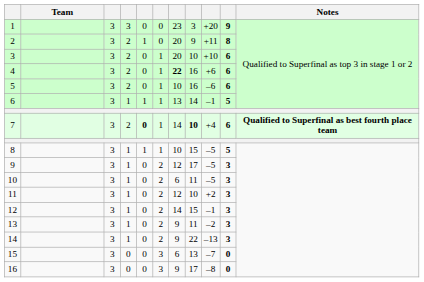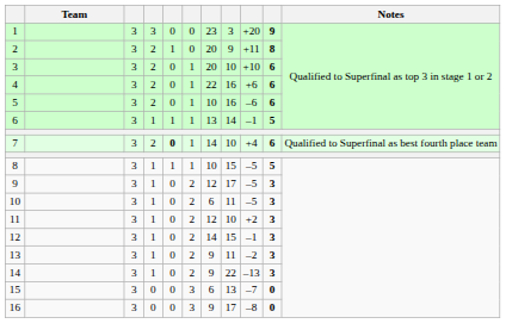 <table class="wikitable" style="text-align: center; font-size: 87%;">
 <tr>
 <th width="18"></th>
 <th width="120">Team</th>
 <th width="18"></th>
 <th width="18"></th>
 <th width="18"></th>
 <th width="18"></th>
 <th width="18"></th>
 <th width="18"></th>
 <th width="18"></th>
 <th width="18"></th>
 <th width="270">Notes</th>
 </tr>
 <tr bgcolor="#ccffcc">
 <td>1</td>
 <td align=left></td>
 <td>3</td>
 <td>3</td>
 <td>0</td>
 <td>0</td>
 <td>23</td>
 <td>3</td>
 <td>+20</td>
 <td><strong>9</strong></td>
 <td rowspan=6>Qualified to Superfinal as top 3 in stage 1 or 2</td>
 </tr>
 <tr bgcolor="#ccffcc">
 <td>2</td>
 <td align=left></td>
 <td>3</td>
 <td>2</td>
 <td>1</td>
 <td>0</td>
 <td>20</td>
 <td>9</td>
 <td>+11</td>
 <td><strong>8</strong></td>
 </tr>
 <tr bgcolor="#ccffcc">
 <td>3</td>
 <td align=left></td>
 <td>3</td>
 <td>2</td>
 <td>0</td>
 <td>1</td>
 <td>20</td>
 <td>10</td>
 <td>+10</td>
 <td><strong>6</strong></td>
 </tr>
 <tr bgcolor="#ccffcc">
 <td>4</td>
 <td align=left></td>
 <td>3</td>
 <td>2</td>
 <td>0</td>
 <td>1</td>
-<td><strong>22</strong></td>
+<td>22</td>
 <td>16</td>
 <td>+6</td>
 <td><strong>6</strong></td>
 </tr>
 <tr bgcolor="#ccffcc">
 <td>5</td>
 <td align=left></td>
 <td>3</td>
 <td>2</td>
 <td>0</td>
 <td>1</td>
 <td>10</td>
 <td>16</td>
 <td>–6</td>
 <td><strong>6</strong></td>
 </tr>
 <tr bgcolor="#ccffcc">
 <td>6</td>
 <td align=left></td>
 <td>3</td>
 <td>1</td>
 <td>1</td>
 <td>1</td>
 <td>13</td>
 <td>14</td>
 <td>–1</td>
 <td><strong>5</strong></td>
 </tr>
 <tr>
 <th colspan=11></th>
 </tr>
 <tr style="background-color:  #e1ffe3;">
 <td>7</td>
 <td align=left></td>
 <td>3</td>
 <td>2</td>
 <td><strong>0</strong></td>
 <td>1</td>
 <td>14</td>
-<td><strong>10</strong></td>
+<td>10</td>
 <td>+4</td>
 <td><strong>6</strong></td>
-<td><strong>Qualified to Superfinal as best fourth place team</strong></td>
+<td>Qualified to Superfinal as best fourth place team</td>
 </tr>
 <tr>
 <th colspan=11></th>
 </tr>
 <tr>
 <td>8</td>
 <td align=left></td>
 <td>3</td>
 <td>1</td>
 <td>1</td>
 <td>1</td>
 <td>10</td>
 <td>15</td>
 <td>–5</td>
 <td><strong>5</strong></td>
 <td rowspan=9></td>
 </tr>
 <tr>
 <td>9</td>
 <td align=left></td>
 <td>3</td>
 <td>1</td>
 <td>0</td>
 <td>2</td>
 <td>12</td>
 <td>17</td>
 <td>–5</td>
 <td><strong>3</strong></td>
 </tr>
 <tr>
 <td>10</td>
 <td align=left></td>
 <td>3</td>
 <td>1</td>
 <td>0</td>
 <td>2</td>
 <td>6</td>
 <td>11</td>
 <td>–5</td>
 <td><strong>3</strong></td>
 </tr>
 <tr>
 <td>11</td>
 <td align=left></td>
 <td>3</td>
 <td>1</td>
 <td>0</td>
 <td>2</td>
 <td>12</td>
 <td>10</td>
 <td>+2</td>
 <td><strong>3</strong></td>
 </tr>
 <tr>
 <td>12</td>
 <td align=left></td>
 <td>3</td>
 <td>1</td>
 <td>0</td>
 <td>2</td>
 <td>14</td>
 <td>15</td>
 <td>–1</td>
 <td><strong>3</strong></td>
 </tr>
 <tr>
 <td>13</td>
 <td align=left></td>
 <td>3</td>
 <td>1</td>
 <td>0</td>
 <td>2</td>
 <td>9</td>
 <td>11</td>
 <td>–2</td>
 <td><strong>3</strong></td>
 </tr>
 <tr>
 <td>14</td>
 <td align=left></td>
 <td>3</td>
 <td>1</td>
 <td>0</td>
 <td>2</td>
 <td>9</td>
 <td>22</td>
 <td>–13</td>
 <td><strong>3</strong></td>
 </tr>
 <tr>
 <td>15</td>
 <td align=left></td>
 <td>3</td>
 <td>0</td>
 <td>0</td>
 <td>3</td>
 <td>6</td>
 <td>13</td>
 <td>–7</td>
 <td><strong>0</strong></td>
 </tr>
 <tr>
 <td>16</td>
 <td align=left></td>
 <td>3</td>
 <td>0</td>
 <td>0</td>
 <td>3</td>
 <td>9</td>
 <td>17</td>
 <td>–8</td>
 <td><strong>0</strong></td>
 </tr>
 </table>
